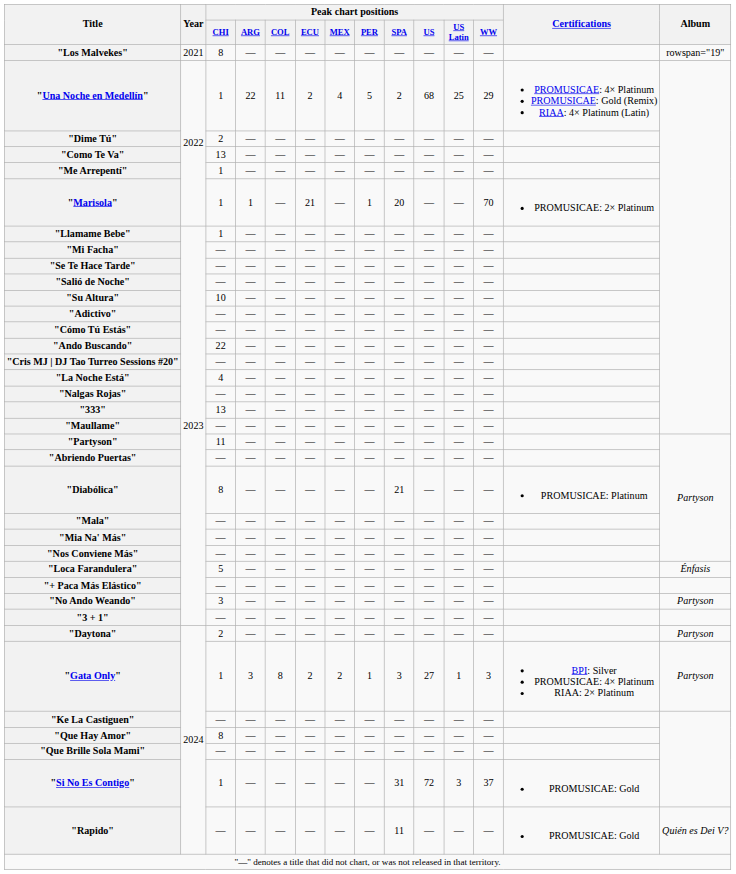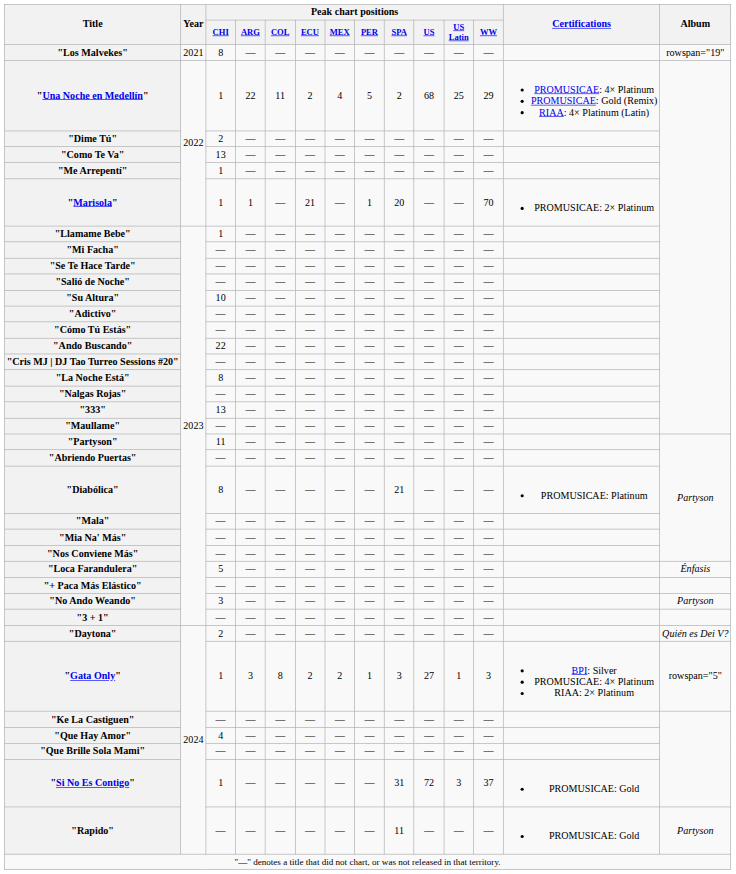 <table class="wikitable plainrowheaders" style="text-align:center;">
 <tr>
 <th scope="col" rowspan="2">Title</th>
 <th scope="col" rowspan="2">Year</th>
 <th scope="col" colspan="10">Peak chart positions</th>
 <th scope="col" rowspan="2"><a href='#'>Certifications</a></th>
 <th scope="col" rowspan="2">Album</th>
 </tr>
 <tr>
 <th scope="col" style="width:3em;font-size:85%;"><a href='#'>CHI</a><br></th>
 <th scope="col" style="width:3em;font-size:85%;"><a href='#'>ARG</a><br></th>
 <th scope="col" style="width:3em;font-size:85%;"><a href='#'>COL</a><br></th>
 <th scope="col" style="width:3em;font-size:85%;"><a href='#'>ECU</a><br></th>
 <th scope="col" style="width:3em;font-size:85%;"><a href='#'>MEX</a><br></th>
 <th scope="col" style="width:3em;font-size:85%;"><a href='#'>PER</a><br></th>
 <th scope="col" style="width:3em;font-size:85%;"><a href='#'>SPA</a><br></th>
 <th scope="col" style="width:3em;font-size:85%;"><a href='#'>US</a><br></th>
 <th scope="col" style="width:3em;font-size:85%;"><a href='#'>US<br>Latin</a><br></th>
 <th scope="col" style="width:3em;font-size:85%;"><a href='#'>WW</a><br></th>
 </tr>
 <tr>
 <th scope="row">"Los Malvekes"<br></th>
 <td>2021</td>
 <td>8</td>
 <td>—</td>
 <td>—</td>
 <td>—</td>
 <td>—</td>
 <td>—</td>
 <td>—</td>
 <td>—</td>
 <td>—</td>
 <td>—</td>
 <td></td>
 <td>rowspan="19" </td>
 </tr>
 <tr>
 <th scope="row">"<a href='#'>Una Noche en Medellín</a>"<br></th>
 <td rowspan="5">2022</td>
 <td>1</td>
 <td>22</td>
 <td>11</td>
 <td>2</td>
 <td>4</td>
 <td>5</td>
 <td>2</td>
 <td>68</td>
 <td>25</td>
 <td>29</td>
 <td><br><ul><li><a href='#'>PROMUSICAE</a>: 4× Platinum</li><li><a href='#'>PROMUSICAE</a>: Gold (Remix)</li><li><a href='#'>RIAA</a>: 4× Platinum (Latin)</li></ul></td>
 </tr>
 <tr>
 <th scope="row">"Dime Tú"<br></th>
 <td>2</td>
 <td>—</td>
 <td>—</td>
 <td>—</td>
 <td>—</td>
 <td>—</td>
 <td>—</td>
 <td>—</td>
 <td>—</td>
 <td>—</td>
 <td></td>
 </tr>
 <tr>
 <th scope="row">"Como Te Va"</th>
 <td>13</td>
 <td>—</td>
 <td>—</td>
 <td>—</td>
 <td>—</td>
 <td>—</td>
 <td>—</td>
 <td>—</td>
 <td>—</td>
 <td>—</td>
 <td></td>
 </tr>
 <tr>
 <th scope="row">"Me Arrepentí"<br></th>
 <td>1</td>
 <td>—</td>
 <td>—</td>
 <td>—</td>
 <td>—</td>
 <td>—</td>
 <td>—</td>
 <td>—</td>
 <td>—</td>
 <td>—</td>
 <td></td>
 </tr>
 <tr>
 <th scope="row">"<a href='#'>Marisola</a>"<br></th>
 <td>1</td>
 <td>1</td>
 <td>—</td>
 <td>21</td>
 <td>—</td>
 <td>1</td>
 <td>20</td>
 <td>—</td>
 <td>—</td>
 <td>70</td>
 <td><br><ul><li>PROMUSICAE: 2× Platinum</li></ul></td>
 </tr>
 <tr>
 <th scope="row">"Llamame Bebe"<br></th>
 <td rowspan="23">2023</td>
 <td>1</td>
 <td>—</td>
 <td>—</td>
 <td>—</td>
 <td>—</td>
 <td>—</td>
 <td>—</td>
 <td>—</td>
 <td>—</td>
 <td>—</td>
 <td></td>
 </tr>
 <tr>
 <th scope="row">"Mi Facha"</th>
 <td>—</td>
 <td>—</td>
 <td>—</td>
 <td>—</td>
 <td>—</td>
 <td>—</td>
 <td>—</td>
 <td>—</td>
 <td>—</td>
 <td>—</td>
 <td></td>
 </tr>
 <tr>
 <th scope="row">"Se Te Hace Tarde"</th>
 <td>—</td>
 <td>—</td>
 <td>—</td>
 <td>—</td>
 <td>—</td>
 <td>—</td>
 <td>—</td>
 <td>—</td>
 <td>—</td>
 <td>—</td>
 <td></td>
 </tr>
 <tr>
 <th scope="row">"Salió de Noche"<br></th>
 <td>—</td>
 <td>—</td>
 <td>—</td>
 <td>—</td>
 <td>—</td>
 <td>—</td>
 <td>—</td>
 <td>—</td>
 <td>—</td>
 <td>—</td>
 <td></td>
 </tr>
 <tr>
 <th scope="row">"Su Altura"</th>
 <td>10</td>
 <td>—</td>
 <td>—</td>
 <td>—</td>
 <td>—</td>
 <td>—</td>
 <td>—</td>
 <td>—</td>
 <td>—</td>
 <td>—</td>
 <td></td>
 </tr>
 <tr>
 <th scope="row">"Adictivo"<br></th>
 <td>—</td>
 <td>—</td>
 <td>—</td>
 <td>—</td>
 <td>—</td>
 <td>—</td>
 <td>—</td>
 <td>—</td>
 <td>—</td>
 <td>—</td>
 <td></td>
 </tr>
 <tr>
 <th scope="row">"Cómo Tú Estás"<br></th>
 <td>—</td>
 <td>—</td>
 <td>—</td>
 <td>—</td>
 <td>—</td>
 <td>—</td>
 <td>—</td>
 <td>—</td>
 <td>—</td>
 <td>—</td>
 <td></td>
 </tr>
 <tr>
 <th scope="row">"Ando Buscando"</th>
 <td>22</td>
 <td>—</td>
 <td>—</td>
 <td>—</td>
 <td>—</td>
 <td>—</td>
 <td>—</td>
 <td>—</td>
 <td>—</td>
 <td>—</td>
 <td></td>
 </tr>
 <tr>
 <th scope="row">"Cris MJ | DJ Tao Turreo Sessions #20"<br></th>
 <td>—</td>
 <td>—</td>
 <td>—</td>
 <td>—</td>
 <td>—</td>
 <td>—</td>
 <td>—</td>
 <td>—</td>
 <td>—</td>
 <td>—</td>
 <td></td>
 </tr>
 <tr>
 <th scope="row">"La Noche Está"</th>
-<td>4</td>
+<td>8</td>
 <td>—</td>
 <td>—</td>
 <td>—</td>
 <td>—</td>
 <td>—</td>
 <td>—</td>
 <td>—</td>
 <td>—</td>
 <td>—</td>
 <td></td>
 </tr>
 <tr>
 <th scope="row">"Nalgas Rojas"</th>
 <td>—</td>
 <td>—</td>
 <td>—</td>
 <td>—</td>
 <td>—</td>
 <td>—</td>
 <td>—</td>
 <td>—</td>
 <td>—</td>
 <td>—</td>
 <td></td>
 </tr>
 <tr>
 <th scope="row">"333"<br></th>
 <td>13</td>
 <td>—</td>
 <td>—</td>
 <td>—</td>
 <td>—</td>
 <td>—</td>
 <td>—</td>
 <td>—</td>
 <td>—</td>
 <td>—</td>
 <td></td>
 </tr>
 <tr>
 <th scope="row">"Maullame"</th>
 <td>—</td>
 <td>—</td>
 <td>—</td>
 <td>—</td>
 <td>—</td>
 <td>—</td>
 <td>—</td>
 <td>—</td>
 <td>—</td>
 <td>—</td>
 <td></td>
 </tr>
 <tr>
 <th scope="row">"Partyson"</th>
 <td>11</td>
 <td>—</td>
 <td>—</td>
 <td>—</td>
 <td>—</td>
 <td>—</td>
 <td>—</td>
 <td>—</td>
 <td>—</td>
 <td>—</td>
 <td></td>
 <td rowspan="6"><em>Partyson</em></td>
 </tr>
 <tr>
 <th scope="row">"Abriendo Puertas"</th>
 <td>—</td>
 <td>—</td>
 <td>—</td>
 <td>—</td>
 <td>—</td>
 <td>—</td>
 <td>—</td>
 <td>—</td>
 <td>—</td>
 <td>—</td>
 <td></td>
 </tr>
 <tr>
 <th scope="row">"Diabólica"<br></th>
 <td>8</td>
 <td>—</td>
 <td>—</td>
 <td>—</td>
 <td>—</td>
 <td>—</td>
 <td>21</td>
 <td>—</td>
 <td>—</td>
 <td>—</td>
 <td><br><ul><li>PROMUSICAE: Platinum</li></ul></td>
 </tr>
 <tr>
 <th scope="row">"Mala"<br></th>
 <td>—</td>
 <td>—</td>
 <td>—</td>
 <td>—</td>
 <td>—</td>
 <td>—</td>
 <td>—</td>
 <td>—</td>
 <td>—</td>
 <td>—</td>
 <td></td>
 </tr>
 <tr>
 <th scope="row">"Mia Na' Más"<br></th>
 <td>—</td>
 <td>—</td>
 <td>—</td>
 <td>—</td>
 <td>—</td>
 <td>—</td>
 <td>—</td>
 <td>—</td>
 <td>—</td>
 <td>—</td>
 <td></td>
 </tr>
 <tr>
 <th scope="row">"Nos Conviene Más"<br></th>
 <td>—</td>
 <td>—</td>
 <td>—</td>
 <td>—</td>
 <td>—</td>
 <td>—</td>
 <td>—</td>
 <td>—</td>
 <td>—</td>
 <td>—</td>
 <td></td>
 </tr>
 <tr>
 <th scope="row">"Loca Farandulera"<br></th>
 <td>5</td>
 <td>—</td>
 <td>—</td>
 <td>—</td>
 <td>—</td>
 <td>—</td>
 <td>—</td>
 <td>—</td>
 <td>—</td>
 <td>—</td>
 <td></td>
 <td><em>Énfasis</em></td>
 </tr>
 <tr>
 <th scope="row">"+ Paca Más Elástico"<br></th>
 <td>—</td>
 <td>—</td>
 <td>—</td>
 <td>—</td>
 <td>—</td>
 <td>—</td>
 <td>—</td>
 <td>—</td>
 <td>—</td>
 <td>—</td>
 <td></td>
 <td></td>
 </tr>
 <tr>
 <th scope="row">"No Ando Weando"</th>
 <td>3</td>
 <td>—</td>
 <td>—</td>
 <td>—</td>
 <td>—</td>
 <td>—</td>
 <td>—</td>
 <td>—</td>
 <td>—</td>
 <td>—</td>
 <td></td>
 <td><em>Partyson</em></td>
 </tr>
 <tr>
 <th scope="row">"3 + 1"<br></th>
 <td>—</td>
 <td>—</td>
 <td>—</td>
 <td>—</td>
 <td>—</td>
 <td>—</td>
 <td>—</td>
 <td>—</td>
 <td>—</td>
 <td>—</td>
 <td></td>
 <td></td>
 </tr>
 <tr>
 <th scope="row">"Daytona"</th>
 <td rowspan="7">2024</td>
 <td>2</td>
 <td>—</td>
 <td>—</td>
 <td>—</td>
 <td>—</td>
 <td>—</td>
 <td>—</td>
 <td>—</td>
 <td>—</td>
 <td>—</td>
 <td></td>
-<td><em>Partyson</em></td>
+<td><em>Quién es Dei V?</em></td>
 </tr>
 <tr>
 <th scope="row">"<a href='#'>Gata Only</a>"<br></th>
 <td>1</td>
 <td>3</td>
 <td>8</td>
 <td>2</td>
 <td>2</td>
 <td>1</td>
 <td>3</td>
 <td>27</td>
 <td>1</td>
 <td>3</td>
 <td><br><ul><li><a href='#'>BPI</a>: Silver</li><li>PROMUSICAE: 4× Platinum</li><li>RIAA: 2× Platinum</li></ul></td>
-<td><em>Partyson</em></td>
+<td>rowspan="5" </td>
 </tr>
 <tr>
 <th scope="row">"Ke La Castiguen"<br></th>
 <td>—</td>
 <td>—</td>
 <td>—</td>
 <td>—</td>
 <td>—</td>
 <td>—</td>
 <td>—</td>
 <td>—</td>
 <td>—</td>
 <td>—</td>
 <td></td>
 </tr>
 <tr>
 <th scope="row">"Que Hay Amor"</th>
-<td>8</td>
+<td>4</td>
 <td>—</td>
 <td>—</td>
 <td>—</td>
 <td>—</td>
 <td>—</td>
 <td>—</td>
 <td>—</td>
 <td>—</td>
 <td>—</td>
 <td></td>
 </tr>
 <tr>
 <th scope="row">"Que Brille Sola Mami"</th>
 <td>—</td>
 <td>—</td>
 <td>—</td>
 <td>—</td>
 <td>—</td>
 <td>—</td>
 <td>—</td>
 <td>—</td>
 <td>—</td>
 <td>—</td>
 <td></td>
 </tr>
 <tr>
 <th scope="row">"<a href='#'>Si No Es Contigo</a>"</th>
 <td>1</td>
 <td>—</td>
 <td>—</td>
 <td>—</td>
 <td>—</td>
 <td>—</td>
 <td>31</td>
 <td>72</td>
 <td>3</td>
 <td>37</td>
 <td><br><ul><li>PROMUSICAE: Gold</li></ul></td>
 </tr>
 <tr>
 <th scope="row">"Rapido"<br></th>
 <td>—</td>
 <td>—</td>
 <td>—</td>
 <td>—</td>
 <td>—</td>
 <td>—</td>
 <td>11</td>
 <td>—</td>
 <td>—</td>
 <td>—</td>
 <td><br><ul><li>PROMUSICAE: Gold</li></ul></td>
-<td><em>Quién es Dei V?</em></td>
+<td><em>Partyson</em></td>
 </tr>
 <tr>
 <td colspan="14" style="font-size:90%">"—" denotes a title that did not chart, or was not released in that territory.</td>
 </tr>
 </table>
